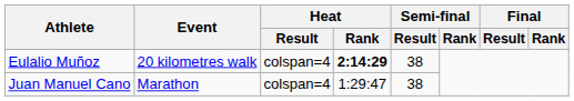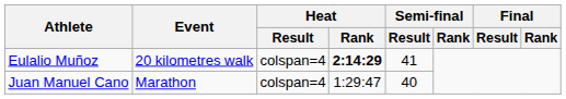 <table class=wikitable style=font-size:90%>
 <tr>
 <th rowspan=2>Athlete</th>
 <th rowspan=2>Event</th>
 <th colspan=2>Heat</th>
 <th colspan=2>Semi-final</th>
 <th colspan=2>Final</th>
 </tr>
 <tr style=font-size:95%>
 <th>Result</th>
 <th>Rank</th>
 <th>Result</th>
 <th>Rank</th>
 <th>Result</th>
 <th>Rank</th>
 </tr>
 <tr align=center>
 <td align=left><a href='#'>Eulalio Muñoz</a></td>
 <td align=left><a href='#'>20 kilometres walk</a></td>
 <td>colspan=4</td>
 <td><strong>2:14:29 </strong></td>
-<td>38</td>
+<td>41</td>
 </tr>
 <tr align=center>
 <td align=left><a href='#'>Juan Manuel Cano</a></td>
 <td align=left><a href='#'>Marathon</a></td>
 <td>colspan=4</td>
 <td>1:29:47</td>
-<td>38</td>
+<td>40</td>
 </tr>
 </table>
